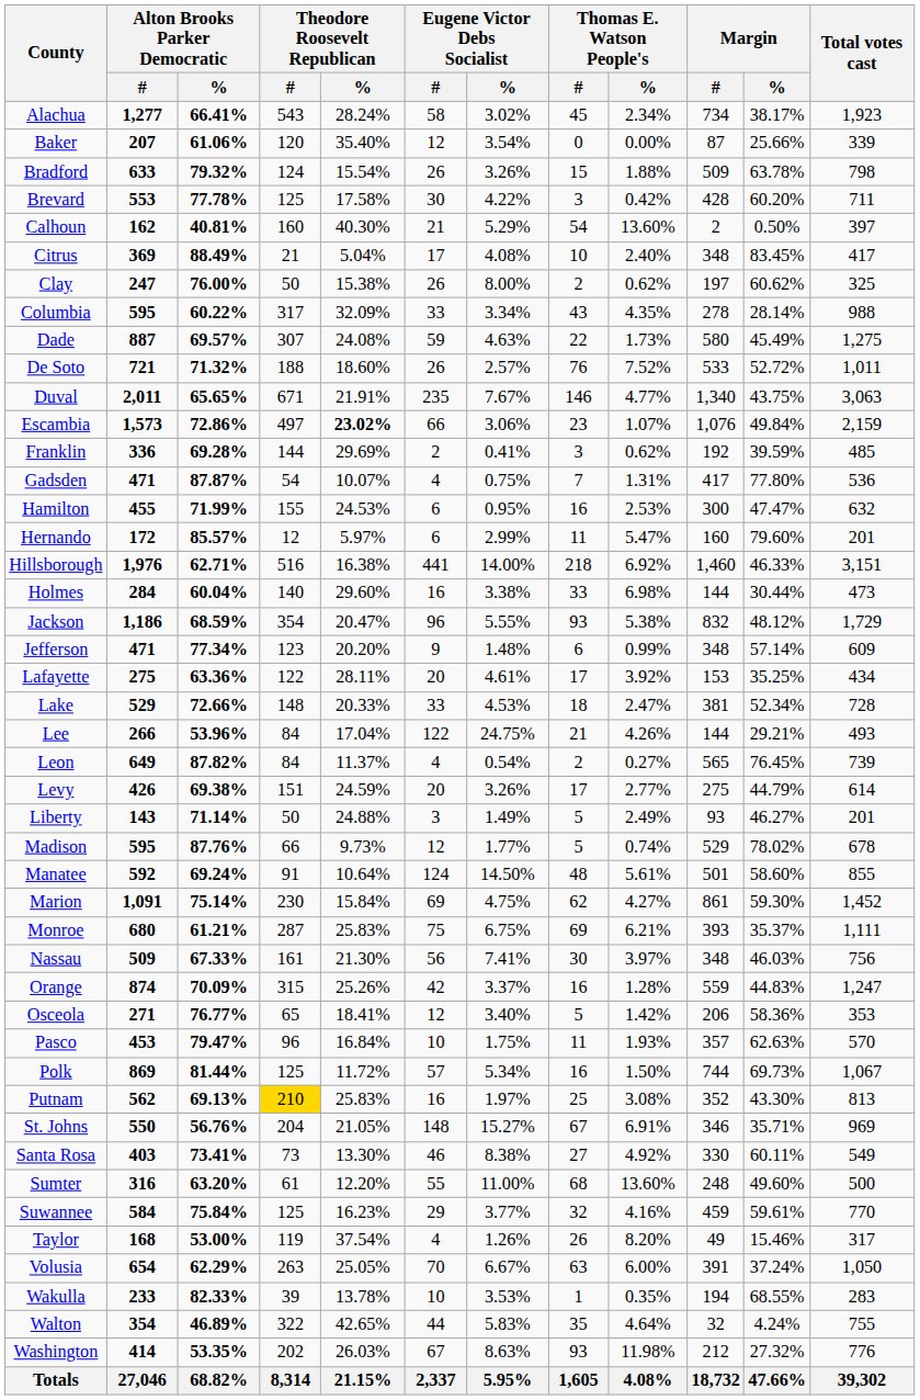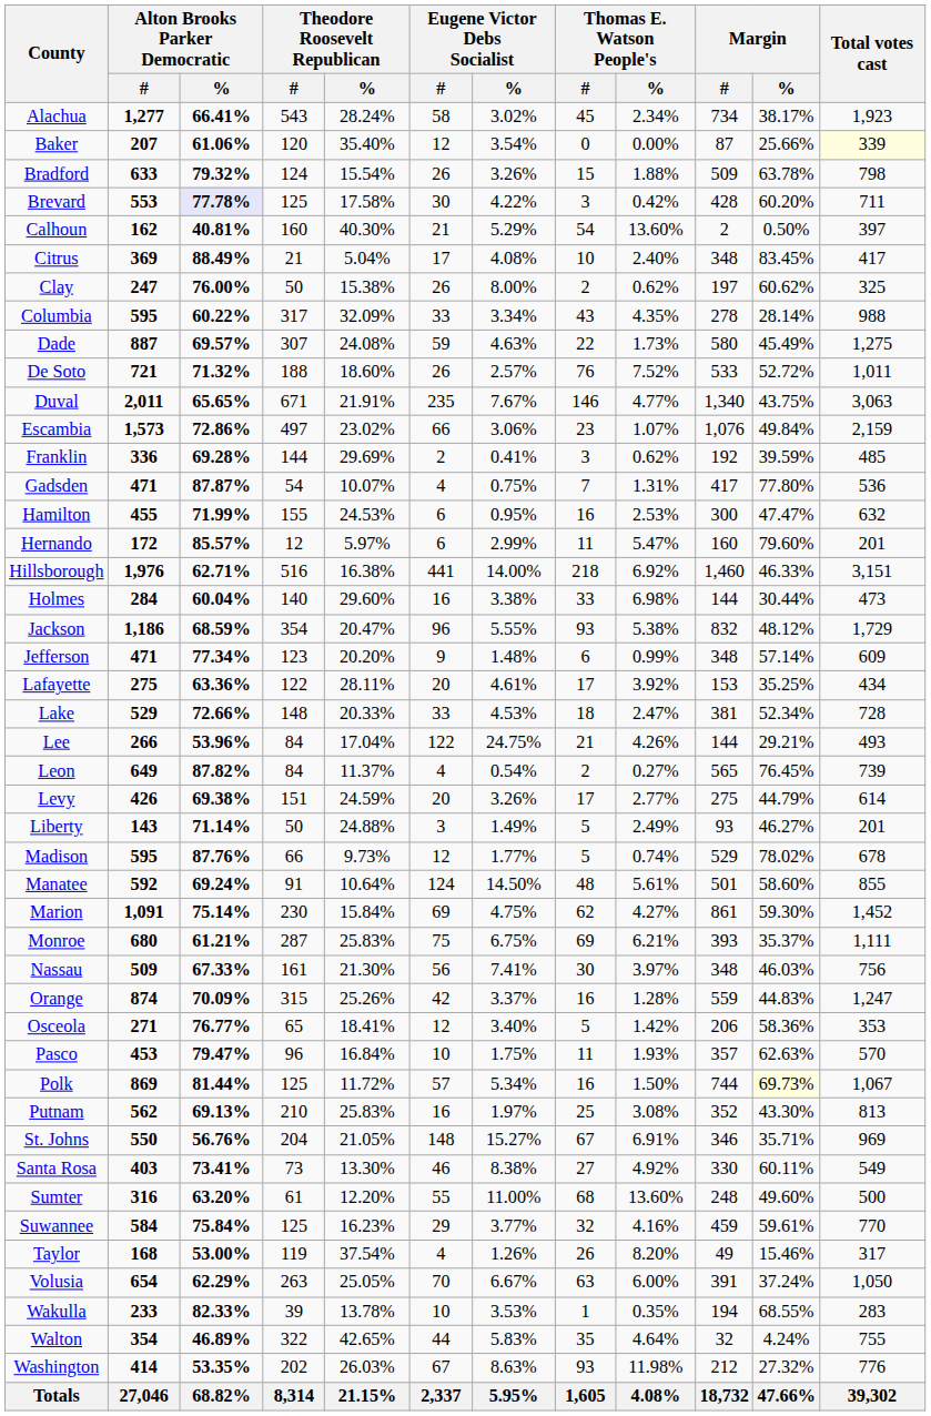 <table width="65%" class="wikitable sortable">
 <tr>
 <th style="text-align:center;" rowspan="2">County</th>
 <th style="text-align:center;" colspan="2">Alton Brooks Parker<br> Democratic</th>
 <th style="text-align:center;" colspan="2">Theodore Roosevelt<br>Republican</th>
 <th style="text-align:center;" colspan="2">Eugene Victor Debs<br>Socialist</th>
 <th style="text-align:center;" colspan="2">Thomas E. Watson<br>People's</th>
 <th style="text-align:center;" colspan="2">Margin</th>
 <th style="text-align:center;" rowspan="2">Total votes cast</th>
 </tr>
 <tr>
 <th style="text-align:center;" data-sort-type="number">#</th>
 <th style="text-align:center;" data-sort-type="number">%</th>
 <th style="text-align:center;" data-sort-type="number">#</th>
 <th style="text-align:center;" data-sort-type="number">%</th>
 <th style="text-align:center;" data-sort-type="number">#</th>
 <th style="text-align:center;" data-sort-type="number">%</th>
 <th style="text-align:center;" data-sort-type="number">#</th>
 <th style="text-align:center;" data-sort-type="number">%</th>
 <th style="text-align:center;" data-sort-type="number">#</th>
 <th style="text-align:center;" data-sort-type="number">%</th>
 </tr>
 <tr style="text-align:center;">
 <td><a href='#'>Alachua</a></td>
 <td><strong>1,277</strong></td>
 <td><strong>66.41%</strong></td>
 <td>543</td>
 <td>28.24%</td>
 <td>58</td>
 <td>3.02%</td>
 <td>45</td>
 <td>2.34%</td>
 <td>734</td>
 <td>38.17%</td>
 <td>1,923</td>
 </tr>
 <tr style="text-align:center;">
 <td><a href='#'>Baker</a></td>
 <td><strong>207</strong></td>
 <td><strong>61.06%</strong></td>
 <td>120</td>
 <td>35.40%</td>
 <td>12</td>
 <td>3.54%</td>
 <td>0</td>
 <td>0.00%</td>
 <td>87</td>
 <td>25.66%</td>
-<td>339</td>
+<td style="background: lightyellow;">339</td>
 </tr>
 <tr style="text-align:center;">
 <td><a href='#'>Bradford</a></td>
 <td><strong>633</strong></td>
 <td><strong>79.32%</strong></td>
 <td>124</td>
 <td>15.54%</td>
 <td>26</td>
 <td>3.26%</td>
 <td>15</td>
 <td>1.88%</td>
 <td>509</td>
 <td>63.78%</td>
 <td>798</td>
 </tr>
 <tr style="text-align:center;">
 <td><a href='#'>Brevard</a></td>
 <td><strong>553</strong></td>
-<td><strong>77.78%</strong></td>
+<td style="background: lavender;"><strong>77.78%</strong></td>
 <td>125</td>
 <td>17.58%</td>
 <td>30</td>
 <td>4.22%</td>
 <td>3</td>
 <td>0.42%</td>
 <td>428</td>
 <td>60.20%</td>
 <td>711</td>
 </tr>
 <tr style="text-align:center;">
 <td><a href='#'>Calhoun</a></td>
 <td><strong>162</strong></td>
 <td><strong>40.81%</strong></td>
 <td>160</td>
 <td>40.30%</td>
 <td>21</td>
 <td>5.29%</td>
 <td>54</td>
 <td>13.60%</td>
 <td>2</td>
 <td>0.50%</td>
 <td>397</td>
 </tr>
 <tr style="text-align:center;">
 <td><a href='#'>Citrus</a></td>
 <td><strong>369</strong></td>
 <td><strong>88.49%</strong></td>
 <td>21</td>
 <td>5.04%</td>
 <td>17</td>
 <td>4.08%</td>
 <td>10</td>
 <td>2.40%</td>
 <td>348</td>
 <td>83.45%</td>
 <td>417</td>
 </tr>
 <tr style="text-align:center;">
 <td><a href='#'>Clay</a></td>
 <td><strong>247</strong></td>
 <td><strong>76.00%</strong></td>
 <td>50</td>
 <td>15.38%</td>
 <td>26</td>
 <td>8.00%</td>
 <td>2</td>
 <td>0.62%</td>
 <td>197</td>
 <td>60.62%</td>
 <td>325</td>
 </tr>
 <tr style="text-align:center;">
 <td><a href='#'>Columbia</a></td>
 <td><strong>595</strong></td>
 <td><strong>60.22%</strong></td>
 <td>317</td>
 <td>32.09%</td>
 <td>33</td>
 <td>3.34%</td>
 <td>43</td>
 <td>4.35%</td>
 <td>278</td>
 <td>28.14%</td>
 <td>988</td>
 </tr>
 <tr style="text-align:center;">
 <td><a href='#'>Dade</a></td>
 <td><strong>887</strong></td>
 <td><strong>69.57%</strong></td>
 <td>307</td>
 <td>24.08%</td>
 <td>59</td>
 <td>4.63%</td>
 <td>22</td>
 <td>1.73%</td>
 <td>580</td>
 <td>45.49%</td>
 <td>1,275</td>
 </tr>
 <tr style="text-align:center;">
 <td><a href='#'>De Soto</a></td>
 <td><strong>721</strong></td>
 <td><strong>71.32%</strong></td>
 <td>188</td>
 <td>18.60%</td>
 <td>26</td>
 <td>2.57%</td>
 <td>76</td>
 <td>7.52%</td>
 <td>533</td>
 <td>52.72%</td>
 <td>1,011</td>
 </tr>
 <tr style="text-align:center;">
 <td><a href='#'>Duval</a></td>
 <td><strong>2,011</strong></td>
 <td><strong>65.65%</strong></td>
 <td>671</td>
 <td>21.91%</td>
 <td>235</td>
 <td>7.67%</td>
 <td>146</td>
 <td>4.77%</td>
 <td>1,340</td>
 <td>43.75%</td>
 <td>3,063</td>
 </tr>
 <tr style="text-align:center;">
 <td><a href='#'>Escambia</a></td>
 <td><strong>1,573</strong></td>
 <td><strong>72.86%</strong></td>
 <td>497</td>
-<td><strong>23.02%</strong></td>
+<td>23.02%</td>
 <td>66</td>
 <td>3.06%</td>
 <td>23</td>
 <td>1.07%</td>
 <td>1,076</td>
 <td>49.84%</td>
 <td>2,159</td>
 </tr>
 <tr style="text-align:center;">
 <td><a href='#'>Franklin</a></td>
 <td><strong>336</strong></td>
 <td><strong>69.28%</strong></td>
 <td>144</td>
 <td>29.69%</td>
 <td>2</td>
 <td>0.41%</td>
 <td>3</td>
 <td>0.62%</td>
 <td>192</td>
 <td>39.59%</td>
 <td>485</td>
 </tr>
 <tr style="text-align:center;">
 <td><a href='#'>Gadsden</a></td>
 <td><strong>471</strong></td>
 <td><strong>87.87%</strong></td>
 <td>54</td>
 <td>10.07%</td>
 <td>4</td>
 <td>0.75%</td>
 <td>7</td>
 <td>1.31%</td>
 <td>417</td>
 <td>77.80%</td>
 <td>536</td>
 </tr>
 <tr style="text-align:center;">
 <td><a href='#'>Hamilton</a></td>
 <td><strong>455</strong></td>
 <td><strong>71.99%</strong></td>
 <td>155</td>
 <td>24.53%</td>
 <td>6</td>
 <td>0.95%</td>
 <td>16</td>
 <td>2.53%</td>
 <td>300</td>
 <td>47.47%</td>
 <td>632</td>
 </tr>
 <tr style="text-align:center;">
 <td><a href='#'>Hernando</a></td>
 <td><strong>172</strong></td>
 <td><strong>85.57%</strong></td>
 <td>12</td>
 <td>5.97%</td>
 <td>6</td>
 <td>2.99%</td>
 <td>11</td>
 <td>5.47%</td>
 <td>160</td>
 <td>79.60%</td>
 <td>201</td>
 </tr>
 <tr style="text-align:center;">
 <td><a href='#'>Hillsborough</a></td>
 <td><strong>1,976</strong></td>
 <td><strong>62.71%</strong></td>
 <td>516</td>
 <td>16.38%</td>
 <td>441</td>
 <td>14.00%</td>
 <td>218</td>
 <td>6.92%</td>
 <td>1,460</td>
 <td>46.33%</td>
 <td>3,151</td>
 </tr>
 <tr style="text-align:center;">
 <td><a href='#'>Holmes</a></td>
 <td><strong>284</strong></td>
 <td><strong>60.04%</strong></td>
 <td>140</td>
 <td>29.60%</td>
 <td>16</td>
 <td>3.38%</td>
 <td>33</td>
 <td>6.98%</td>
 <td>144</td>
 <td>30.44%</td>
 <td>473</td>
 </tr>
 <tr style="text-align:center;">
 <td><a href='#'>Jackson</a></td>
 <td><strong>1,186</strong></td>
 <td><strong>68.59%</strong></td>
 <td>354</td>
 <td>20.47%</td>
 <td>96</td>
 <td>5.55%</td>
 <td>93</td>
 <td>5.38%</td>
 <td>832</td>
 <td>48.12%</td>
 <td>1,729</td>
 </tr>
 <tr style="text-align:center;">
 <td><a href='#'>Jefferson</a></td>
 <td><strong>471</strong></td>
 <td><strong>77.34%</strong></td>
 <td>123</td>
 <td>20.20%</td>
 <td>9</td>
 <td>1.48%</td>
 <td>6</td>
 <td>0.99%</td>
 <td>348</td>
 <td>57.14%</td>
 <td>609</td>
 </tr>
 <tr style="text-align:center;">
 <td><a href='#'>Lafayette</a></td>
 <td><strong>275</strong></td>
 <td><strong>63.36%</strong></td>
 <td>122</td>
 <td>28.11%</td>
 <td>20</td>
 <td>4.61%</td>
 <td>17</td>
 <td>3.92%</td>
 <td>153</td>
 <td>35.25%</td>
 <td>434</td>
 </tr>
 <tr style="text-align:center;">
 <td><a href='#'>Lake</a></td>
 <td><strong>529</strong></td>
 <td><strong>72.66%</strong></td>
 <td>148</td>
 <td>20.33%</td>
 <td>33</td>
 <td>4.53%</td>
 <td>18</td>
 <td>2.47%</td>
 <td>381</td>
 <td>52.34%</td>
 <td>728</td>
 </tr>
 <tr style="text-align:center;">
 <td><a href='#'>Lee</a></td>
 <td><strong>266</strong></td>
 <td><strong>53.96%</strong></td>
 <td>84</td>
 <td>17.04%</td>
 <td>122</td>
 <td>24.75%</td>
 <td>21</td>
 <td>4.26%</td>
 <td>144</td>
 <td>29.21%</td>
 <td>493</td>
 </tr>
 <tr style="text-align:center;">
 <td><a href='#'>Leon</a></td>
 <td><strong>649</strong></td>
 <td><strong>87.82%</strong></td>
 <td>84</td>
 <td>11.37%</td>
 <td>4</td>
 <td>0.54%</td>
 <td>2</td>
 <td>0.27%</td>
 <td>565</td>
 <td>76.45%</td>
 <td>739</td>
 </tr>
 <tr style="text-align:center;">
 <td><a href='#'>Levy</a></td>
 <td><strong>426</strong></td>
 <td><strong>69.38%</strong></td>
 <td>151</td>
 <td>24.59%</td>
 <td>20</td>
 <td>3.26%</td>
 <td>17</td>
 <td>2.77%</td>
 <td>275</td>
 <td>44.79%</td>
 <td>614</td>
 </tr>
 <tr style="text-align:center;">
 <td><a href='#'>Liberty</a></td>
 <td><strong>143</strong></td>
 <td><strong>71.14%</strong></td>
 <td>50</td>
 <td>24.88%</td>
 <td>3</td>
 <td>1.49%</td>
 <td>5</td>
 <td>2.49%</td>
 <td>93</td>
 <td>46.27%</td>
 <td>201</td>
 </tr>
 <tr style="text-align:center;">
 <td><a href='#'>Madison</a></td>
 <td><strong>595</strong></td>
 <td><strong>87.76%</strong></td>
 <td>66</td>
 <td>9.73%</td>
 <td>12</td>
 <td>1.77%</td>
 <td>5</td>
 <td>0.74%</td>
 <td>529</td>
 <td>78.02%</td>
 <td>678</td>
 </tr>
 <tr style="text-align:center;">
 <td><a href='#'>Manatee</a></td>
 <td><strong>592</strong></td>
 <td><strong>69.24%</strong></td>
 <td>91</td>
 <td>10.64%</td>
 <td>124</td>
 <td>14.50%</td>
 <td>48</td>
 <td>5.61%</td>
 <td>501</td>
 <td>58.60%</td>
 <td>855</td>
 </tr>
 <tr style="text-align:center;">
 <td><a href='#'>Marion</a></td>
 <td><strong>1,091</strong></td>
 <td><strong>75.14%</strong></td>
 <td>230</td>
 <td>15.84%</td>
 <td>69</td>
 <td>4.75%</td>
 <td>62</td>
 <td>4.27%</td>
 <td>861</td>
 <td>59.30%</td>
 <td>1,452</td>
 </tr>
 <tr style="text-align:center;">
 <td><a href='#'>Monroe</a></td>
 <td><strong>680</strong></td>
 <td><strong>61.21%</strong></td>
 <td>287</td>
 <td>25.83%</td>
 <td>75</td>
 <td>6.75%</td>
 <td>69</td>
 <td>6.21%</td>
 <td>393</td>
 <td>35.37%</td>
 <td>1,111</td>
 </tr>
 <tr style="text-align:center;">
 <td><a href='#'>Nassau</a></td>
 <td><strong>509</strong></td>
 <td><strong>67.33%</strong></td>
 <td>161</td>
 <td>21.30%</td>
 <td>56</td>
 <td>7.41%</td>
 <td>30</td>
 <td>3.97%</td>
 <td>348</td>
 <td>46.03%</td>
 <td>756</td>
 </tr>
 <tr style="text-align:center;">
 <td><a href='#'>Orange</a></td>
 <td><strong>874</strong></td>
 <td><strong>70.09%</strong></td>
 <td>315</td>
 <td>25.26%</td>
 <td>42</td>
 <td>3.37%</td>
 <td>16</td>
 <td>1.28%</td>
 <td>559</td>
 <td>44.83%</td>
 <td>1,247</td>
 </tr>
 <tr style="text-align:center;">
 <td><a href='#'>Osceola</a></td>
 <td><strong>271</strong></td>
 <td><strong>76.77%</strong></td>
 <td>65</td>
 <td>18.41%</td>
 <td>12</td>
 <td>3.40%</td>
 <td>5</td>
 <td>1.42%</td>
 <td>206</td>
 <td>58.36%</td>
 <td>353</td>
 </tr>
 <tr style="text-align:center;">
 <td><a href='#'>Pasco</a></td>
 <td><strong>453</strong></td>
 <td><strong>79.47%</strong></td>
 <td>96</td>
 <td>16.84%</td>
 <td>10</td>
 <td>1.75%</td>
 <td>11</td>
 <td>1.93%</td>
 <td>357</td>
 <td>62.63%</td>
 <td>570</td>
 </tr>
 <tr style="text-align:center;">
 <td><a href='#'>Polk</a></td>
 <td><strong>869</strong></td>
 <td><strong>81.44%</strong></td>
 <td>125</td>
 <td>11.72%</td>
 <td>57</td>
 <td>5.34%</td>
 <td>16</td>
 <td>1.50%</td>
 <td>744</td>
-<td>69.73%</td>
+<td style="background: lightyellow;">69.73%</td>
 <td>1,067</td>
 </tr>
 <tr style="text-align:center;">
 <td><a href='#'>Putnam</a></td>
 <td><strong>562</strong></td>
 <td><strong>69.13%</strong></td>
-<td style="background: gold;">210</td>
+<td>210</td>
 <td>25.83%</td>
 <td>16</td>
 <td>1.97%</td>
 <td>25</td>
 <td>3.08%</td>
 <td>352</td>
 <td>43.30%</td>
 <td>813</td>
 </tr>
 <tr style="text-align:center;">
 <td><a href='#'>St. Johns</a></td>
 <td><strong>550</strong></td>
 <td><strong>56.76%</strong></td>
 <td>204</td>
 <td>21.05%</td>
 <td>148</td>
 <td>15.27%</td>
 <td>67</td>
 <td>6.91%</td>
 <td>346</td>
 <td>35.71%</td>
 <td>969</td>
 </tr>
 <tr style="text-align:center;">
 <td><a href='#'>Santa Rosa</a></td>
 <td><strong>403</strong></td>
 <td><strong>73.41%</strong></td>
 <td>73</td>
 <td>13.30%</td>
 <td>46</td>
 <td>8.38%</td>
 <td>27</td>
 <td>4.92%</td>
 <td>330</td>
 <td>60.11%</td>
 <td>549</td>
 </tr>
 <tr style="text-align:center;">
 <td><a href='#'>Sumter</a></td>
 <td><strong>316</strong></td>
 <td><strong>63.20%</strong></td>
 <td>61</td>
 <td>12.20%</td>
 <td>55</td>
 <td>11.00%</td>
 <td>68</td>
 <td>13.60%</td>
 <td>248</td>
 <td>49.60%</td>
 <td>500</td>
 </tr>
 <tr style="text-align:center;">
 <td><a href='#'>Suwannee</a></td>
 <td><strong>584</strong></td>
 <td><strong>75.84%</strong></td>
 <td>125</td>
 <td>16.23%</td>
 <td>29</td>
 <td>3.77%</td>
 <td>32</td>
 <td>4.16%</td>
 <td>459</td>
 <td>59.61%</td>
 <td>770</td>
 </tr>
 <tr style="text-align:center;">
 <td><a href='#'>Taylor</a></td>
 <td><strong>168</strong></td>
 <td><strong>53.00%</strong></td>
 <td>119</td>
 <td>37.54%</td>
 <td>4</td>
 <td>1.26%</td>
 <td>26</td>
 <td>8.20%</td>
 <td>49</td>
 <td>15.46%</td>
 <td>317</td>
 </tr>
 <tr style="text-align:center;">
 <td><a href='#'>Volusia</a></td>
 <td><strong>654</strong></td>
 <td><strong>62.29%</strong></td>
 <td>263</td>
 <td>25.05%</td>
 <td>70</td>
 <td>6.67%</td>
 <td>63</td>
 <td>6.00%</td>
 <td>391</td>
 <td>37.24%</td>
 <td>1,050</td>
 </tr>
 <tr style="text-align:center;">
 <td><a href='#'>Wakulla</a></td>
 <td><strong>233</strong></td>
 <td><strong>82.33%</strong></td>
 <td>39</td>
 <td>13.78%</td>
 <td>10</td>
 <td>3.53%</td>
 <td>1</td>
 <td>0.35%</td>
 <td>194</td>
 <td>68.55%</td>
 <td>283</td>
 </tr>
 <tr style="text-align:center;">
 <td><a href='#'>Walton</a></td>
 <td><strong>354</strong></td>
 <td><strong>46.89%</strong></td>
 <td>322</td>
 <td>42.65%</td>
 <td>44</td>
 <td>5.83%</td>
 <td>35</td>
 <td>4.64%</td>
 <td>32</td>
 <td>4.24%</td>
 <td>755</td>
 </tr>
 <tr style="text-align:center;">
 <td><a href='#'>Washington</a></td>
 <td><strong>414</strong></td>
 <td><strong>53.35%</strong></td>
 <td>202</td>
 <td>26.03%</td>
 <td>67</td>
 <td>8.63%</td>
 <td>93</td>
 <td>11.98%</td>
 <td>212</td>
 <td>27.32%</td>
 <td>776</td>
 </tr>
 <tr style="text-align:center;">
 <th>Totals</th>
 <th>27,046</th>
 <th>68.82%</th>
 <th>8,314</th>
 <th>21.15%</th>
 <th>2,337</th>
 <th>5.95%</th>
 <th>1,605</th>
 <th>4.08%</th>
 <th>18,732</th>
 <th>47.66%</th>
 <th>39,302</th>
 </tr>
 </table>
